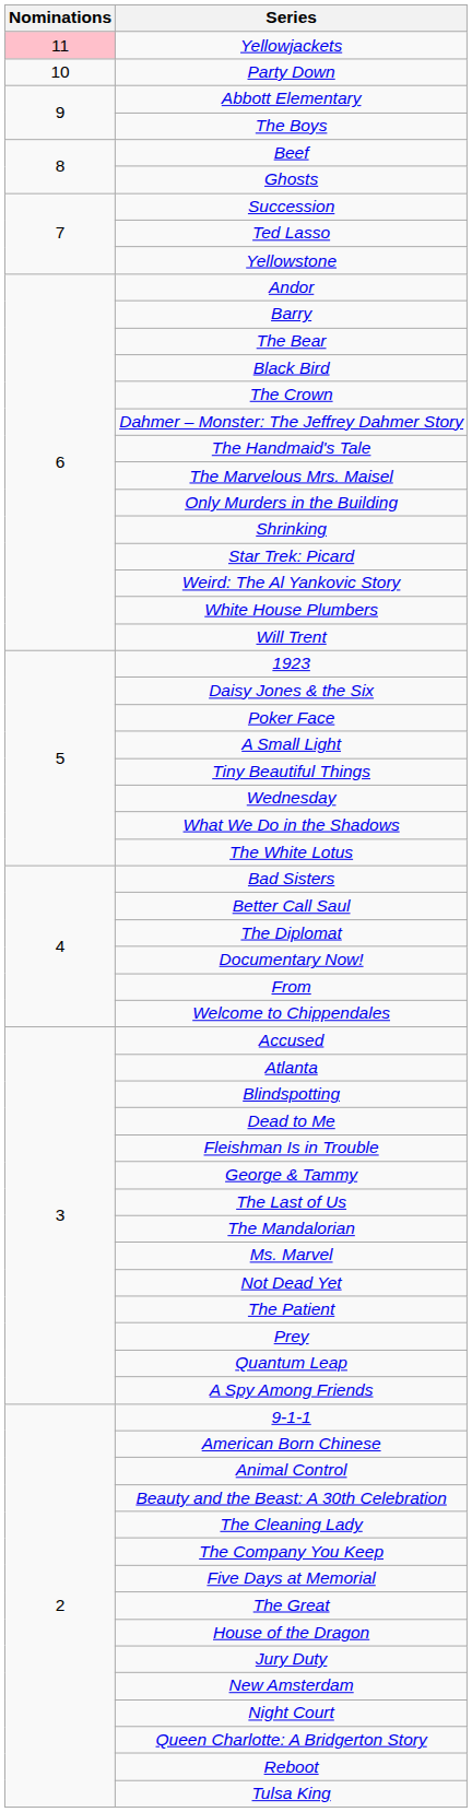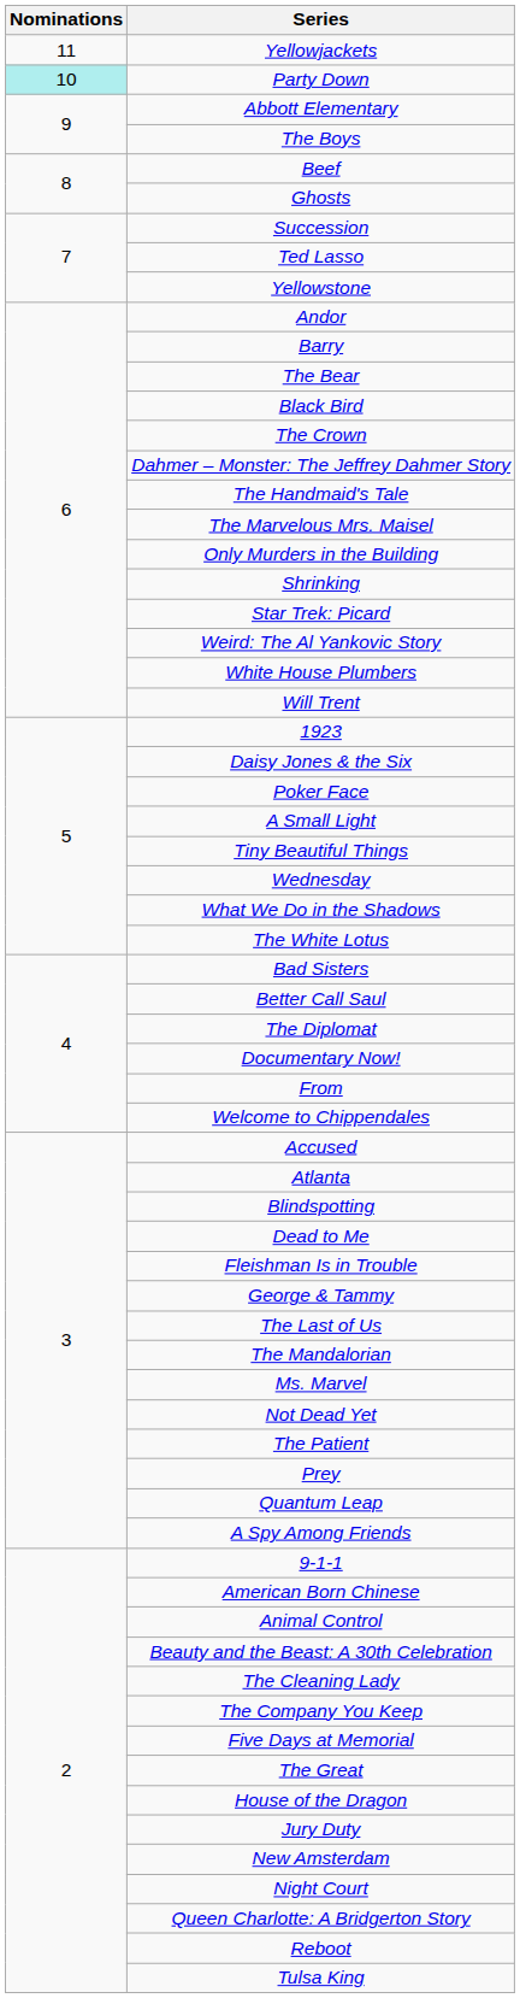 <table class="wikitable" rowspan=2 border=2 style="text-align:center;">
 <tr>
 <th scope="col" style="width:55px;">Nominations</th>
 <th scope="col" style="text-align:center;">Series</th>
 </tr>
 <tr>
-<td style="background: pink; text-align:center">11</td>
+<td style="text-align:center">11</td>
 <td><em><a href='#'>Yellowjackets</a></em></td>
 </tr>
 <tr>
-<td style="text-align:center">10</td>
+<td style="background: paleturquoise; text-align:center">10</td>
 <td><em><a href='#'>Party Down</a></em></td>
 </tr>
 <tr>
 <td rowspan="2" style="text-align:center">9</td>
 <td><em><a href='#'>Abbott Elementary</a></em></td>
 </tr>
 <tr>
 <td><em><a href='#'>The Boys</a></em></td>
 </tr>
 <tr>
 <td rowspan="2" style="text-align:center">8</td>
 <td><em><a href='#'>Beef</a></em></td>
 </tr>
 <tr>
 <td><em><a href='#'>Ghosts</a></em></td>
 </tr>
 <tr>
 <td rowspan="3" style="text-align:center">7</td>
 <td><em><a href='#'>Succession</a></em></td>
 </tr>
 <tr>
 <td><em><a href='#'>Ted Lasso</a></em></td>
 </tr>
 <tr>
 <td><em><a href='#'>Yellowstone</a></em></td>
 </tr>
 <tr>
 <td rowspan="14" style="text-align:center">6</td>
 <td><em><a href='#'>Andor</a></em></td>
 </tr>
 <tr>
 <td><em><a href='#'>Barry</a></em></td>
 </tr>
 <tr>
 <td><em><a href='#'>The Bear</a></em></td>
 </tr>
 <tr>
 <td><em><a href='#'>Black Bird</a></em></td>
 </tr>
 <tr>
 <td><em><a href='#'>The Crown</a></em></td>
 </tr>
 <tr>
 <td><em><a href='#'>Dahmer – Monster: The Jeffrey Dahmer Story</a></em></td>
 </tr>
 <tr>
 <td><em><a href='#'>The Handmaid's Tale</a></em></td>
 </tr>
 <tr>
 <td><em><a href='#'>The Marvelous Mrs. Maisel</a></em></td>
 </tr>
 <tr>
 <td><em><a href='#'>Only Murders in the Building</a></em></td>
 </tr>
 <tr>
 <td><em><a href='#'>Shrinking</a></em></td>
 </tr>
 <tr>
 <td><em><a href='#'>Star Trek: Picard</a></em></td>
 </tr>
 <tr>
 <td><em><a href='#'>Weird: The Al Yankovic Story</a></em></td>
 </tr>
 <tr>
 <td><em><a href='#'>White House Plumbers</a></em></td>
 </tr>
 <tr>
 <td><em><a href='#'>Will Trent</a></em></td>
 </tr>
 <tr>
 <td rowspan="8" style="text-align:center">5</td>
 <td><em><a href='#'>1923</a></em></td>
 </tr>
 <tr>
 <td><em><a href='#'>Daisy Jones & the Six</a></em></td>
 </tr>
 <tr>
 <td><em><a href='#'>Poker Face</a></em></td>
 </tr>
 <tr>
 <td><em><a href='#'>A Small Light</a></em></td>
 </tr>
 <tr>
 <td><em><a href='#'>Tiny Beautiful Things</a></em></td>
 </tr>
 <tr>
 <td><em><a href='#'>Wednesday</a></em></td>
 </tr>
 <tr>
 <td><em><a href='#'>What We Do in the Shadows</a></em></td>
 </tr>
 <tr>
 <td><em><a href='#'>The White Lotus</a></em></td>
 </tr>
 <tr>
 <td rowspan="6" style="text-align:center">4</td>
 <td><em><a href='#'>Bad Sisters</a></em></td>
 </tr>
 <tr>
 <td><em><a href='#'>Better Call Saul</a></em></td>
 </tr>
 <tr>
 <td><em><a href='#'>The Diplomat</a></em></td>
 </tr>
 <tr>
 <td><em><a href='#'>Documentary Now!</a></em></td>
 </tr>
 <tr>
 <td><em><a href='#'>From</a></em></td>
 </tr>
 <tr>
 <td><em><a href='#'>Welcome to Chippendales</a></em></td>
 </tr>
 <tr>
 <td rowspan="14" style="text-align:center">3</td>
 <td><em><a href='#'>Accused</a></em></td>
 </tr>
 <tr>
 <td><em><a href='#'>Atlanta</a></em></td>
 </tr>
 <tr>
 <td><em><a href='#'>Blindspotting</a></em></td>
 </tr>
 <tr>
 <td><em><a href='#'>Dead to Me</a></em></td>
 </tr>
 <tr>
 <td><em><a href='#'>Fleishman Is in Trouble</a></em></td>
 </tr>
 <tr>
 <td><em><a href='#'>George & Tammy</a></em></td>
 </tr>
 <tr>
 <td><em><a href='#'>The Last of Us</a></em></td>
 </tr>
 <tr>
 <td><em><a href='#'>The Mandalorian</a></em></td>
 </tr>
 <tr>
 <td><em><a href='#'>Ms. Marvel</a></em></td>
 </tr>
 <tr>
 <td><em><a href='#'>Not Dead Yet</a></em></td>
 </tr>
 <tr>
 <td><em><a href='#'>The Patient</a></em></td>
 </tr>
 <tr>
 <td><em><a href='#'>Prey</a></em></td>
 </tr>
 <tr>
 <td><em><a href='#'>Quantum Leap</a></em></td>
 </tr>
 <tr>
 <td><em><a href='#'>A Spy Among Friends</a></em></td>
 </tr>
 <tr>
 <td rowspan="15" style="text-align:center">2</td>
 <td><em><a href='#'>9-1-1</a></em></td>
 </tr>
 <tr>
 <td><em><a href='#'>American Born Chinese</a></em></td>
 </tr>
 <tr>
 <td><em><a href='#'>Animal Control</a></em></td>
 </tr>
 <tr>
 <td><em><a href='#'>Beauty and the Beast: A 30th Celebration</a></em></td>
 </tr>
 <tr>
 <td><em><a href='#'>The Cleaning Lady</a></em></td>
 </tr>
 <tr>
 <td><em><a href='#'>The Company You Keep</a></em></td>
 </tr>
 <tr>
 <td><em><a href='#'>Five Days at Memorial</a></em></td>
 </tr>
 <tr>
 <td><em><a href='#'>The Great</a></em></td>
 </tr>
 <tr>
 <td><em><a href='#'>House of the Dragon</a></em></td>
 </tr>
 <tr>
 <td><em><a href='#'>Jury Duty</a></em></td>
 </tr>
 <tr>
 <td><em><a href='#'>New Amsterdam</a></em></td>
 </tr>
 <tr>
 <td><em><a href='#'>Night Court</a></em></td>
 </tr>
 <tr>
 <td><em><a href='#'>Queen Charlotte: A Bridgerton Story</a></em></td>
 </tr>
 <tr>
 <td><em><a href='#'>Reboot</a></em></td>
 </tr>
 <tr>
 <td><em><a href='#'>Tulsa King</a></em></td>
 </tr>
 </table>
